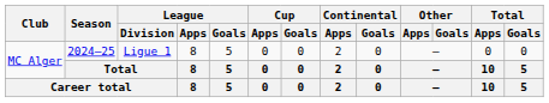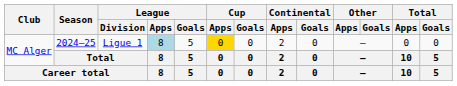 <table class="wikitable" style="text-align: center">
 <tr>
 <th rowspan="2">Club</th>
 <th rowspan="2">Season</th>
 <th colspan="3">League</th>
 <th colspan="2">Cup</th>
 <th colspan="2">Continental</th>
 <th colspan="2">Other</th>
 <th colspan="2">Total</th>
 </tr>
 <tr>
 <th>Division</th>
 <th>Apps</th>
 <th>Goals</th>
 <th>Apps</th>
 <th>Goals</th>
 <th>Apps</th>
 <th>Goals</th>
 <th>Apps</th>
 <th>Goals</th>
 <th>Apps</th>
 <th>Goals</th>
 </tr>
 <tr>
 <td rowspan="2"><a href='#'>MC Alger</a></td>
 <td><a href='#'>2024–25</a></td>
 <td><a href='#'>Ligue 1</a></td>
-<td>8</td>
+<td style="background: lightblue;">8</td>
 <td>5</td>
-<td>0</td>
+<td style="background: gold;">0</td>
 <td>0</td>
 <td>2</td>
 <td>0</td>
 <td colspan=2>—</td>
 <td>0</td>
 <td>0</td>
 </tr>
 <tr>
 <th colspan="2">Total</th>
 <th>8</th>
 <th>5</th>
 <th>0</th>
 <th>0</th>
 <th>2</th>
 <th>0</th>
 <th colspan=2>—</th>
 <th>10</th>
 <th>5</th>
 </tr>
 <tr>
 <th colspan="3">Career total</th>
 <th>8</th>
 <th>5</th>
 <th>0</th>
 <th>0</th>
 <th>2</th>
 <th>0</th>
 <th colspan=2>—</th>
 <th>10</th>
 <th>5</th>
 </tr>
 </table>
